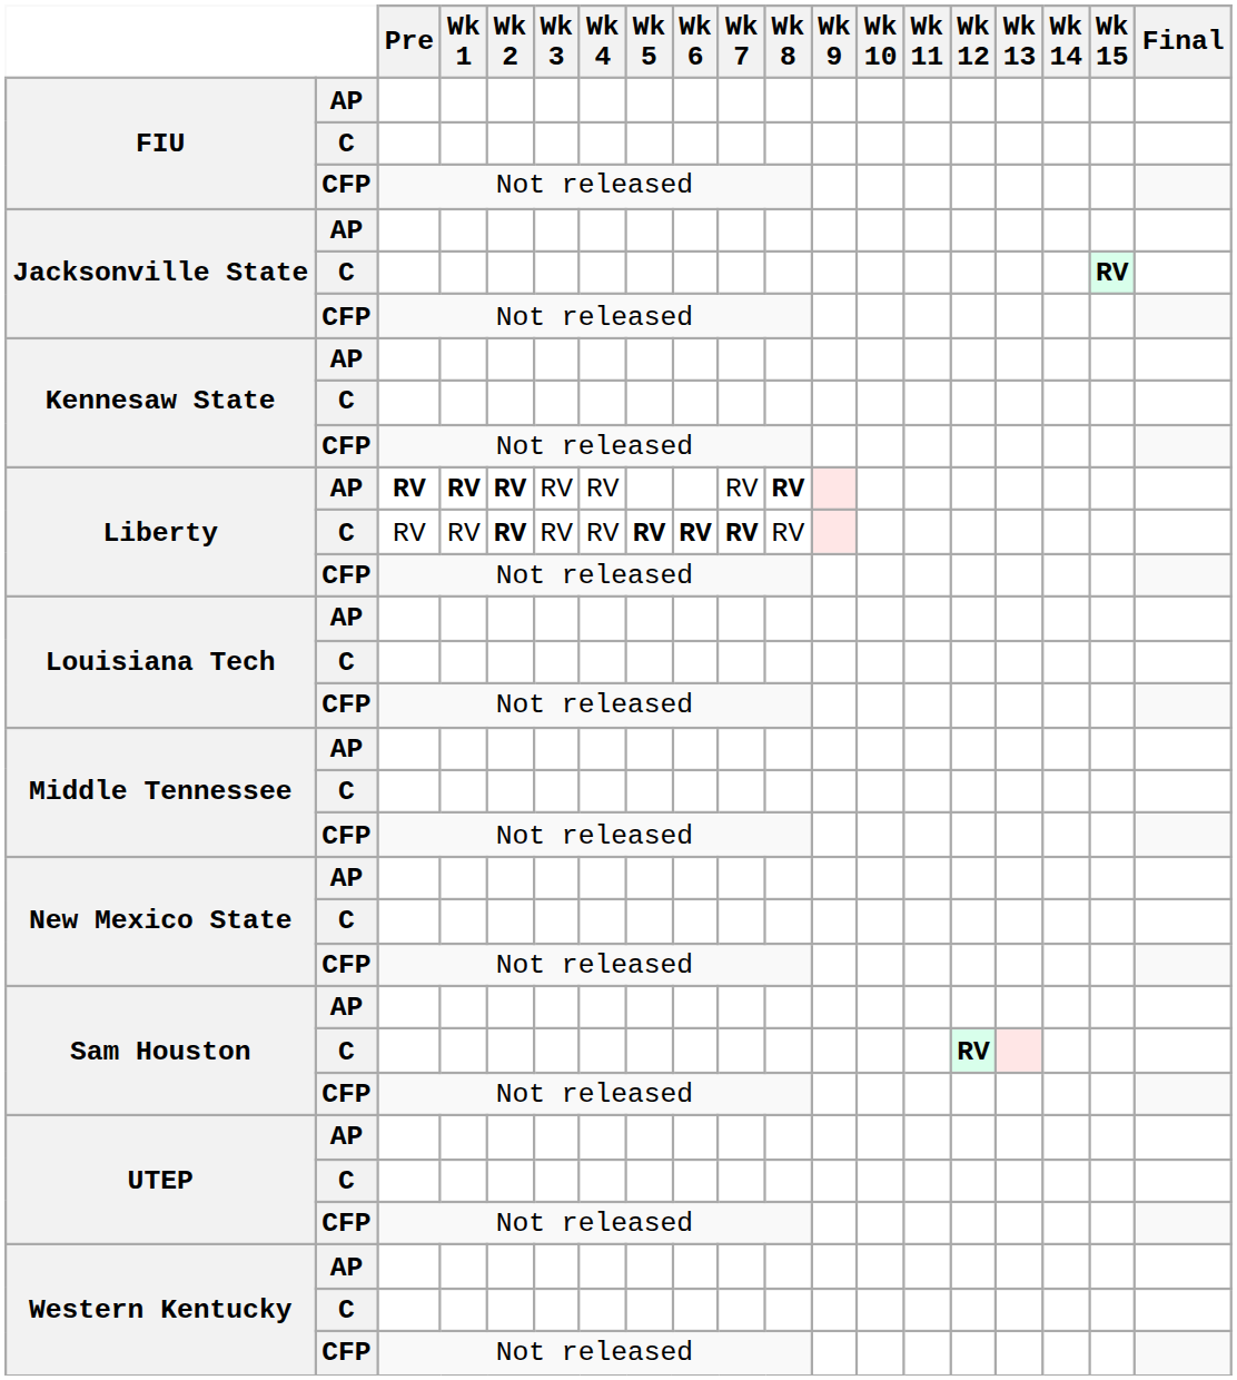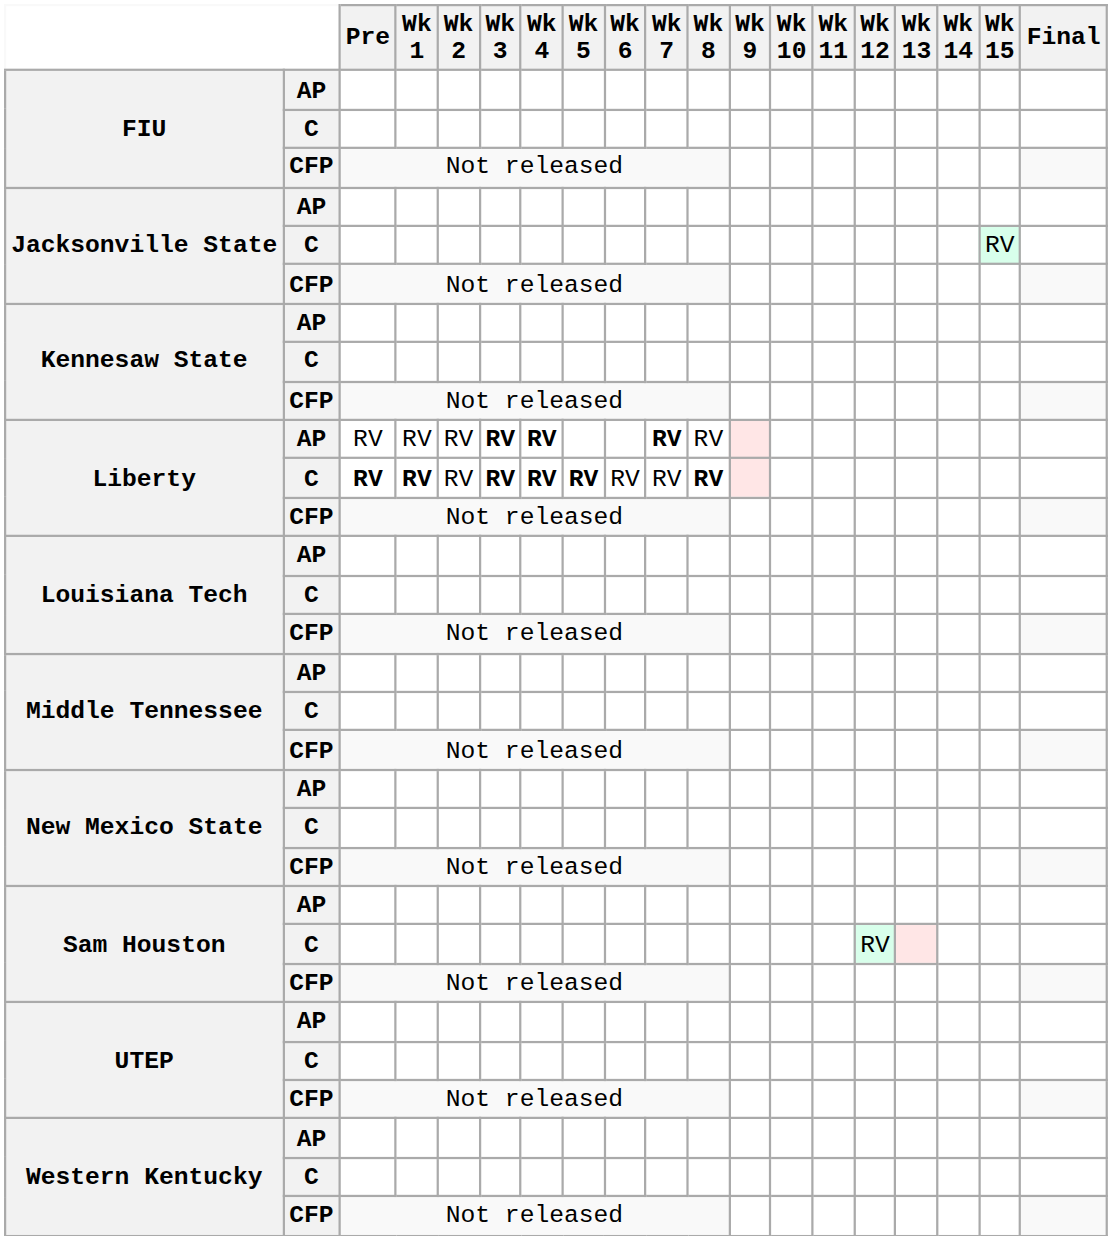 <table class="wikitable" style="white-space:nowrap;font-size:85%;">
 <tr>
 <th colspan=2 style="background:white; border-top-style:hidden; border-left-style:hidden;"> </th>
 <th>Pre</th>
 <th>Wk<br>1</th>
 <th>Wk<br>2</th>
 <th>Wk<br>3</th>
 <th>Wk<br>4</th>
 <th>Wk<br>5</th>
 <th>Wk<br>6</th>
 <th>Wk<br>7</th>
 <th>Wk<br>8</th>
 <th>Wk<br>9</th>
 <th>Wk<br>10</th>
 <th>Wk<br>11</th>
 <th>Wk<br>12</th>
 <th>Wk<br>13</th>
 <th>Wk<br>14</th>
 <th>Wk<br>15</th>
 <th>Final</th>
 </tr>
 <tr style="text-align:center;">
 <th rowspan="3">FIU</th>
 <th>AP</th>
 <td style="background:#FFF;"></td>
 <td style="background:#FFF;"></td>
 <td style="background:#FFF;"></td>
 <td style="background:#FFF;"></td>
 <td style="background:#FFF;"></td>
 <td style="background:#FFF;"></td>
 <td style="background:#FFF;"></td>
 <td style="background:#FFF;"></td>
 <td style="background:#FFF;"></td>
 <td style="background:#FFF;"></td>
 <td style="background:#FFF;"></td>
 <td style="background:#FFF;"></td>
 <td style="background:#FFF;"></td>
 <td style="background:#FFF;"></td>
 <td style="background:#FFF;"></td>
 <td style="background:#FFF;"></td>
 <td style="background:#FFF;"></td>
 </tr>
 <tr style="text-align:center;">
 <th>C</th>
 <td style="background:#FFF;"></td>
 <td style="background:#FFF;"></td>
 <td style="background:#FFF;"></td>
 <td style="background:#FFF;"></td>
 <td style="background:#FFF;"></td>
 <td style="background:#FFF;"></td>
 <td style="background:#FFF;"></td>
 <td style="background:#FFF;"></td>
 <td style="background:#FFF;"></td>
 <td style="background:#FFF;"></td>
 <td style="background:#FFF;"></td>
 <td style="background:#FFF;"></td>
 <td style="background:#FFF;"></td>
 <td style="background:#FFF;"></td>
 <td style="background:#FFF;"></td>
 <td style="background:#FFF;"></td>
 <td style="background:#FFF;"></td>
 </tr>
 <tr style="text-align:center;">
 <th>CFP</th>
 <td colspan="9" style="text-align:center;">Not released</td>
 <td style="background:#FFF;"></td>
 <td style="background:#FFF;"></td>
 <td style="background:#FFF;"></td>
 <td style="background:#FFF;"></td>
 <td style="background:#FFF;"></td>
 <td style="background:#FFF;"></td>
 <td style="background:#FFF;"></td>
 <td style="text-align:center;"></td>
 </tr>
 <tr style="text-align:center;">
 <th rowspan="3">Jacksonville State</th>
 <th>AP</th>
 <td style="background:#FFF;"></td>
 <td style="background:#FFF;"></td>
 <td style="background:#FFF;"></td>
 <td style="background:#FFF;"></td>
 <td style="background:#FFF;"></td>
 <td style="background:#FFF;"></td>
 <td style="background:#FFF;"></td>
 <td style="background:#FFF;"></td>
 <td style="background:#FFF;"></td>
 <td style="background:#FFF;"></td>
 <td style="background:#FFF;"></td>
 <td style="background:#FFF;"></td>
 <td style="background:#FFF;"></td>
 <td style="background:#FFF;"></td>
 <td style="background:#FFF;"></td>
 <td style="background:#FFF;"></td>
 <td style="background:#FFF;"></td>
 </tr>
 <tr style="text-align:center;">
 <th>C</th>
 <td style="background:#FFF;"></td>
 <td style="background:#FFF;"></td>
 <td style="background:#FFF;"></td>
 <td style="background:#FFF;"></td>
 <td style="background:#FFF;"></td>
 <td style="background:#FFF;"></td>
 <td style="background:#FFF;"></td>
 <td style="background:#FFF;"></td>
 <td style="background:#FFF;"></td>
 <td style="background:#FFF;"></td>
 <td style="background:#FFF;"></td>
 <td style="background:#FFF;"></td>
 <td style="background:#FFF;"></td>
 <td style="background:#FFF;"></td>
 <td style="background:#FFF;"></td>
-<td style="background:#d8ffeb;"><strong>RV</strong></td>
+<td style="background:#d8ffeb;">RV</td>
 <td style="background:#FFF;"></td>
 </tr>
 <tr style="text-align:center;">
 <th>CFP</th>
 <td colspan="9" style="text-align:center;">Not released</td>
 <td style="background:#FFF;"></td>
 <td style="background:#FFF;"></td>
 <td style="background:#FFF;"></td>
 <td style="background:#FFF;"></td>
 <td style="background:#FFF;"></td>
 <td style="background:#FFF;"></td>
 <td style="background:#FFF;"></td>
 <td style="text-align:center;"></td>
 </tr>
 <tr style="text-align:center;">
 <th rowspan="3">Kennesaw State</th>
 <th>AP</th>
 <td style="background:#FFF;"></td>
 <td style="background:#FFF;"></td>
 <td style="background:#FFF;"></td>
 <td style="background:#FFF;"></td>
 <td style="background:#FFF;"></td>
 <td style="background:#FFF;"></td>
 <td style="background:#FFF;"></td>
 <td style="background:#FFF;"></td>
 <td style="background:#FFF;"></td>
 <td style="background:#FFF;"></td>
 <td style="background:#FFF;"></td>
 <td style="background:#FFF;"></td>
 <td style="background:#FFF;"></td>
 <td style="background:#FFF;"></td>
 <td style="background:#FFF;"></td>
 <td style="background:#FFF;"></td>
 <td style="background:#FFF;"></td>
 </tr>
 <tr style="text-align:center;">
 <th>C</th>
 <td style="background:#FFF;"></td>
 <td style="background:#FFF;"></td>
 <td style="background:#FFF;"></td>
 <td style="background:#FFF;"></td>
 <td style="background:#FFF;"></td>
 <td style="background:#FFF;"></td>
 <td style="background:#FFF;"></td>
 <td style="background:#FFF;"></td>
 <td style="background:#FFF;"></td>
 <td style="background:#FFF;"></td>
 <td style="background:#FFF;"></td>
 <td style="background:#FFF;"></td>
 <td style="background:#FFF;"></td>
 <td style="background:#FFF;"></td>
 <td style="background:#FFF;"></td>
 <td style="background:#FFF;"></td>
 <td style="background:#FFF;"></td>
 </tr>
 <tr style="text-align:center;">
 <th>CFP</th>
 <td colspan="9" style="text-align:center;">Not released</td>
 <td style="background:#FFF;"></td>
 <td style="background:#FFF;"></td>
 <td style="background:#FFF;"></td>
 <td style="background:#FFF;"></td>
 <td style="background:#FFF;"></td>
 <td style="background:#FFF;"></td>
 <td style="background:#FFF;"></td>
 <td style="text-align:center;"></td>
 </tr>
 <tr style="text-align:center;">
 <th rowspan="3">Liberty</th>
 <th>AP</th>
+<td style="background:#FFF;">RV</td>
+<td style="background:#FFF;">RV</td>
+<td style="background:#FFF;">RV</td>
 <td style="background:#FFF;"><strong>RV</strong></td>
 <td style="background:#FFF;"><strong>RV</strong></td>
+<td style="background:#FFF;"></td>
+<td style="background:#FFF;"></td>
 <td style="background:#FFF;"><strong>RV</strong></td>
 <td style="background:#FFF;">RV</td>
-<td style="background:#FFF;">RV</td>
-<td style="background:#FFF;"></td>
-<td style="background:#FFF;"></td>
-<td style="background:#FFF;">RV</td>
-<td style="background:#FFF;"><strong>RV</strong></td>
 <td style="background:#ffe6e6;"></td>
 <td style="background:#FFF;"></td>
 <td style="background:#FFF;"></td>
 <td style="background:#FFF;"></td>
 <td style="background:#FFF;"></td>
 <td style="background:#FFF;"></td>
 <td style="background:#FFF;"></td>
 <td style="background:#FFF;"></td>
 </tr>
 <tr style="text-align:center;">
 <th>C</th>
-<td style="background:#FFF;">RV</td>
-<td style="background:#FFF;">RV</td>
 <td style="background:#FFF;"><strong>RV</strong></td>
-<td style="background:#FFF;">RV</td>
+<td style="background:#FFF;"><strong>RV</strong></td>
 <td style="background:#FFF;">RV</td>
 <td style="background:#FFF;"><strong>RV</strong></td>
 <td style="background:#FFF;"><strong>RV</strong></td>
 <td style="background:#FFF;"><strong>RV</strong></td>
 <td style="background:#FFF;">RV</td>
+<td style="background:#FFF;">RV</td>
+<td style="background:#FFF;"><strong>RV</strong></td>
 <td style="background:#ffe6e6;"></td>
 <td style="background:#FFF;"></td>
 <td style="background:#FFF;"></td>
 <td style="background:#FFF;"></td>
 <td style="background:#FFF;"></td>
 <td style="background:#FFF;"></td>
 <td style="background:#FFF;"></td>
 <td style="background:#FFF;"></td>
 </tr>
 <tr style="text-align:center;">
 <th>CFP</th>
 <td colspan="9" style="text-align:center;">Not released</td>
 <td style="background:#FFF;"></td>
 <td style="background:#FFF;"></td>
 <td style="background:#FFF;"></td>
 <td style="background:#FFF;"></td>
 <td style="background:#FFF;"></td>
 <td style="background:#FFF;"></td>
 <td style="background:#FFF;"></td>
 <td style="text-align:center;"></td>
 </tr>
 <tr style="text-align:center;">
 <th rowspan="3">Louisiana Tech</th>
 <th>AP</th>
 <td style="background:#FFF;"></td>
 <td style="background:#FFF;"></td>
 <td style="background:#FFF;"></td>
 <td style="background:#FFF;"></td>
 <td style="background:#FFF;"></td>
 <td style="background:#FFF;"></td>
 <td style="background:#FFF;"></td>
 <td style="background:#FFF;"></td>
 <td style="background:#FFF;"></td>
 <td style="background:#FFF;"></td>
 <td style="background:#FFF;"></td>
 <td style="background:#FFF;"></td>
 <td style="background:#FFF;"></td>
 <td style="background:#FFF;"></td>
 <td style="background:#FFF;"></td>
 <td style="background:#FFF;"></td>
 <td style="background:#FFF;"></td>
 </tr>
 <tr style="text-align:center;">
 <th>C</th>
 <td style="background:#FFF;"></td>
 <td style="background:#FFF;"></td>
 <td style="background:#FFF;"></td>
 <td style="background:#FFF;"></td>
 <td style="background:#FFF;"></td>
 <td style="background:#FFF;"></td>
 <td style="background:#FFF;"></td>
 <td style="background:#FFF;"></td>
 <td style="background:#FFF;"></td>
 <td style="background:#FFF;"></td>
 <td style="background:#FFF;"></td>
 <td style="background:#FFF;"></td>
 <td style="background:#FFF;"></td>
 <td style="background:#FFF;"></td>
 <td style="background:#FFF;"></td>
 <td style="background:#FFF;"></td>
 <td style="background:#FFF;"></td>
 </tr>
 <tr style="text-align:center;">
 <th>CFP</th>
 <td colspan="9" style="text-align:center;">Not released</td>
 <td style="background:#FFF;"></td>
 <td style="background:#FFF;"></td>
 <td style="background:#FFF;"></td>
 <td style="background:#FFF;"></td>
 <td style="background:#FFF;"></td>
 <td style="background:#FFF;"></td>
 <td style="background:#FFF;"></td>
 <td style="text-align:center;"></td>
 </tr>
 <tr style="text-align:center;">
 <th rowspan="3">Middle Tennessee</th>
 <th>AP</th>
 <td style="background:#FFF;"></td>
 <td style="background:#FFF;"></td>
 <td style="background:#FFF;"></td>
 <td style="background:#FFF;"></td>
 <td style="background:#FFF;"></td>
 <td style="background:#FFF;"></td>
 <td style="background:#FFF;"></td>
 <td style="background:#FFF;"></td>
 <td style="background:#FFF;"></td>
 <td style="background:#FFF;"></td>
 <td style="background:#FFF;"></td>
 <td style="background:#FFF;"></td>
 <td style="background:#FFF;"></td>
 <td style="background:#FFF;"></td>
 <td style="background:#FFF;"></td>
 <td style="background:#FFF;"></td>
 <td style="background:#FFF;"></td>
 </tr>
 <tr style="text-align:center;">
 <th>C</th>
 <td style="background:#FFF;"></td>
 <td style="background:#FFF;"></td>
 <td style="background:#FFF;"></td>
 <td style="background:#FFF;"></td>
 <td style="background:#FFF;"></td>
 <td style="background:#FFF;"></td>
 <td style="background:#FFF;"></td>
 <td style="background:#FFF;"></td>
 <td style="background:#FFF;"></td>
 <td style="background:#FFF;"></td>
 <td style="background:#FFF;"></td>
 <td style="background:#FFF;"></td>
 <td style="background:#FFF;"></td>
 <td style="background:#FFF;"></td>
 <td style="background:#FFF;"></td>
 <td style="background:#FFF;"></td>
 <td style="background:#FFF;"></td>
 </tr>
 <tr style="text-align:center;">
 <th>CFP</th>
 <td colspan="9" style="text-align:center;">Not released</td>
 <td style="background:#FFF;"></td>
 <td style="background:#FFF;"></td>
 <td style="background:#FFF;"></td>
 <td style="background:#FFF;"></td>
 <td style="background:#FFF;"></td>
 <td style="background:#FFF;"></td>
 <td style="background:#FFF;"></td>
 <td style="text-align:center;"></td>
 </tr>
 <tr style="text-align:center;">
 <th rowspan="3">New Mexico State</th>
 <th>AP</th>
 <td style="background:#FFF;"></td>
 <td style="background:#FFF;"></td>
 <td style="background:#FFF;"></td>
 <td style="background:#FFF;"></td>
 <td style="background:#FFF;"></td>
 <td style="background:#FFF;"></td>
 <td style="background:#FFF;"></td>
 <td style="background:#FFF;"></td>
 <td style="background:#FFF;"></td>
 <td style="background:#FFF;"></td>
 <td style="background:#FFF;"></td>
 <td style="background:#FFF;"></td>
 <td style="background:#FFF;"></td>
 <td style="background:#FFF;"></td>
 <td style="background:#FFF;"></td>
 <td style="background:#FFF;"></td>
 <td style="background:#FFF;"></td>
 </tr>
 <tr style="text-align:center;">
 <th>C</th>
 <td style="background:#FFF;"></td>
 <td style="background:#FFF;"></td>
 <td style="background:#FFF;"></td>
 <td style="background:#FFF;"></td>
 <td style="background:#FFF;"></td>
 <td style="background:#FFF;"></td>
 <td style="background:#FFF;"></td>
 <td style="background:#FFF;"></td>
 <td style="background:#FFF;"></td>
 <td style="background:#FFF;"></td>
 <td style="background:#FFF;"></td>
 <td style="background:#FFF;"></td>
 <td style="background:#FFF;"></td>
 <td style="background:#FFF;"></td>
 <td style="background:#FFF;"></td>
 <td style="background:#FFF;"></td>
 <td style="background:#FFF;"></td>
 </tr>
 <tr style="text-align:center;">
 <th>CFP</th>
 <td colspan="9" style="text-align:center;">Not released</td>
 <td style="background:#FFF;"></td>
 <td style="background:#FFF;"></td>
 <td style="background:#FFF;"></td>
 <td style="background:#FFF;"></td>
 <td style="background:#FFF;"></td>
 <td style="background:#FFF;"></td>
 <td style="background:#FFF;"></td>
 <td style="text-align:center;"></td>
 </tr>
 <tr style="text-align:center;">
 <th rowspan="3">Sam Houston</th>
 <th>AP</th>
 <td style="background:#FFF;"></td>
 <td style="background:#FFF;"></td>
 <td style="background:#FFF;"></td>
 <td style="background:#FFF;"></td>
 <td style="background:#FFF;"></td>
 <td style="background:#FFF;"></td>
 <td style="background:#FFF;"></td>
 <td style="background:#FFF;"></td>
 <td style="background:#FFF;"></td>
 <td style="background:#FFF;"></td>
 <td style="background:#FFF;"></td>
 <td style="background:#FFF;"></td>
 <td style="background:#FFF;"></td>
 <td style="background:#FFF;"></td>
 <td style="background:#FFF;"></td>
 <td style="background:#FFF;"></td>
 <td style="background:#FFF;"></td>
 </tr>
 <tr style="text-align:center;">
 <th>C</th>
 <td style="background:#FFF;"></td>
 <td style="background:#FFF;"></td>
 <td style="background:#FFF;"></td>
 <td style="background:#FFF;"></td>
 <td style="background:#FFF;"></td>
 <td style="background:#FFF;"></td>
 <td style="background:#FFF;"></td>
 <td style="background:#FFF;"></td>
 <td style="background:#FFF;"></td>
 <td style="background:#FFF;"></td>
 <td style="background:#FFF;"></td>
 <td style="background:#FFF;"></td>
-<td style="background:#d8ffeb;"><strong>RV</strong></td>
+<td style="background:#d8ffeb;">RV</td>
 <td style="background:#ffe6e6;"></td>
 <td style="background:#FFF;"></td>
 <td style="background:#FFF;"></td>
 <td style="background:#FFF;"></td>
 </tr>
 <tr style="text-align:center;">
 <th>CFP</th>
 <td colspan="9" style="text-align:center;">Not released</td>
 <td style="background:#FFF;"></td>
 <td style="background:#FFF;"></td>
 <td style="background:#FFF;"></td>
 <td style="background:#FFF;"></td>
 <td style="background:#FFF;"></td>
 <td style="background:#FFF;"></td>
 <td style="background:#FFF;"></td>
 <td style="text-align:center;"></td>
 </tr>
 <tr style="text-align:center;">
 <th rowspan="3">UTEP</th>
 <th>AP</th>
 <td style="background:#FFF;"></td>
 <td style="background:#FFF;"></td>
 <td style="background:#FFF;"></td>
 <td style="background:#FFF;"></td>
 <td style="background:#FFF;"></td>
 <td style="background:#FFF;"></td>
 <td style="background:#FFF;"></td>
 <td style="background:#FFF;"></td>
 <td style="background:#FFF;"></td>
 <td style="background:#FFF;"></td>
 <td style="background:#FFF;"></td>
 <td style="background:#FFF;"></td>
 <td style="background:#FFF;"></td>
 <td style="background:#FFF;"></td>
 <td style="background:#FFF;"></td>
 <td style="background:#FFF;"></td>
 <td style="background:#FFF;"></td>
 </tr>
 <tr style="text-align:center;">
 <th>C</th>
 <td style="background:#FFF;"></td>
 <td style="background:#FFF;"></td>
 <td style="background:#FFF;"></td>
 <td style="background:#FFF;"></td>
 <td style="background:#FFF;"></td>
 <td style="background:#FFF;"></td>
 <td style="background:#FFF;"></td>
 <td style="background:#FFF;"></td>
 <td style="background:#FFF;"></td>
 <td style="background:#FFF;"></td>
 <td style="background:#FFF;"></td>
 <td style="background:#FFF;"></td>
 <td style="background:#FFF;"></td>
 <td style="background:#FFF;"></td>
 <td style="background:#FFF;"></td>
 <td style="background:#FFF;"></td>
 <td style="background:#FFF;"></td>
 </tr>
 <tr style="text-align:center;">
 <th>CFP</th>
 <td colspan="9" style="text-align:center;">Not released</td>
 <td style="background:#FFF;"></td>
 <td style="background:#FFF;"></td>
 <td style="background:#FFF;"></td>
 <td style="background:#FFF;"></td>
 <td style="background:#FFF;"></td>
 <td style="background:#FFF;"></td>
 <td style="background:#FFF;"></td>
 <td style="text-align:center;"></td>
 </tr>
 <tr style="text-align:center;">
 <th rowspan="3">Western Kentucky</th>
 <th>AP</th>
 <td style="background:#FFF;"></td>
 <td style="background:#FFF;"></td>
 <td style="background:#FFF;"></td>
 <td style="background:#FFF;"></td>
 <td style="background:#FFF;"></td>
 <td style="background:#FFF;"></td>
 <td style="background:#FFF;"></td>
 <td style="background:#FFF;"></td>
 <td style="background:#FFF;"></td>
 <td style="background:#FFF;"></td>
 <td style="background:#FFF;"></td>
 <td style="background:#FFF;"></td>
 <td style="background:#FFF;"></td>
 <td style="background:#FFF;"></td>
 <td style="background:#FFF;"></td>
 <td style="background:#FFF;"></td>
 <td style="background:#FFF;"></td>
 </tr>
 <tr style="text-align:center;">
 <th>C</th>
 <td style="background:#FFF;"></td>
 <td style="background:#FFF;"></td>
 <td style="background:#FFF;"></td>
 <td style="background:#FFF;"></td>
 <td style="background:#FFF;"></td>
 <td style="background:#FFF;"></td>
 <td style="background:#FFF;"></td>
 <td style="background:#FFF;"></td>
 <td style="background:#FFF;"></td>
 <td style="background:#FFF;"></td>
 <td style="background:#FFF;"></td>
 <td style="background:#FFF;"></td>
 <td style="background:#FFF;"></td>
 <td style="background:#FFF;"></td>
 <td style="background:#FFF;"></td>
 <td style="background:#FFF;"></td>
 <td style="background:#FFF;"></td>
 </tr>
 <tr style="text-align:center;">
 <th>CFP</th>
 <td colspan="9" style="text-align:center;">Not released</td>
 <td style="background:#FFF;"></td>
 <td style="background:#FFF;"></td>
 <td style="background:#FFF;"></td>
 <td style="background:#FFF;"></td>
 <td style="background:#FFF;"></td>
 <td style="background:#FFF;"></td>
 <td style="background:#FFF;"></td>
 <td style="text-align:center;"></td>
 </tr>
 </table>
